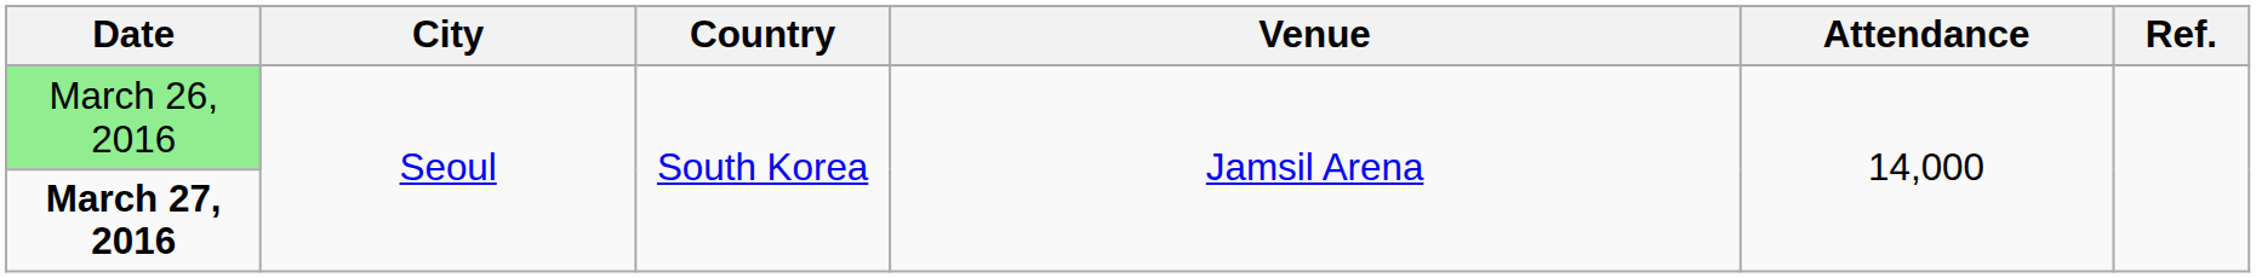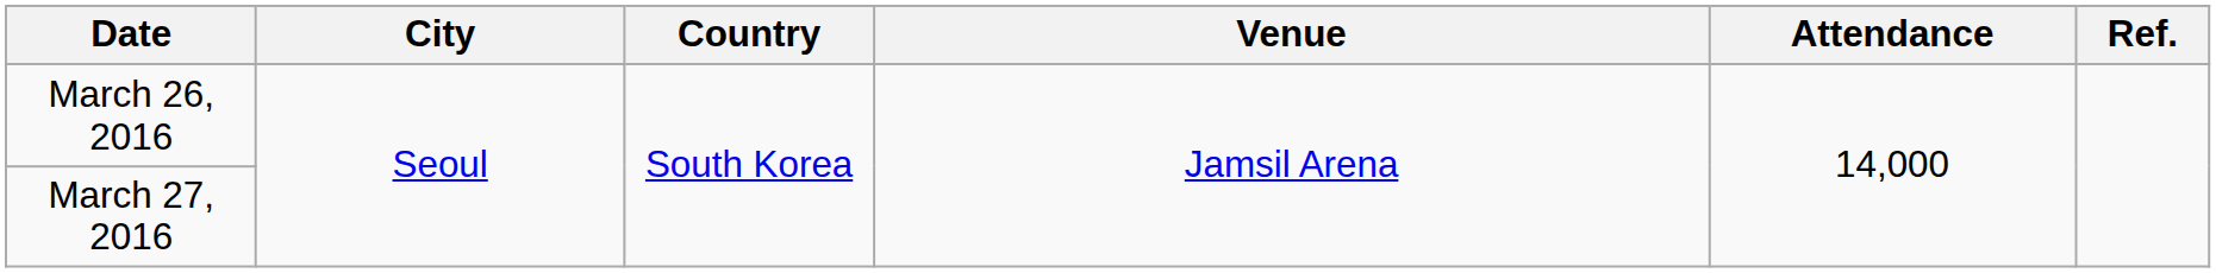 <table class="wikitable" style="text-align:center;">
 <tr>
 <th width="100">Date</th>
 <th width="150">City</th>
 <th width="100">Country</th>
 <th width="350">Venue</th>
 <th width="150">Attendance</th>
 <th width="50">Ref.</th>
 </tr>
 <tr>
-<td style="background: lightgreen;">March 26, 2016</td>
+<td>March 26, 2016</td>
 <td rowspan="2"><a href='#'>Seoul</a></td>
 <td rowspan="2"><a href='#'>South Korea</a></td>
 <td rowspan="2"><a href='#'>Jamsil Arena</a></td>
 <td rowspan="2">14,000</td>
 <td rowspan="2"></td>
 </tr>
 <tr>
-<td><strong>March 27, 2016</strong></td>
+<td>March 27, 2016</td>
 </tr>
 </table>
